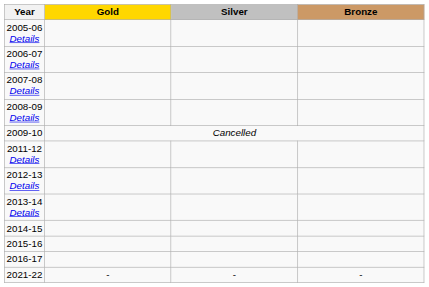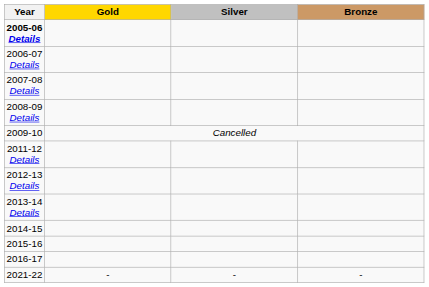 <table class="wikitable">
 <tr>
 <th>Year</th>
 <th scope=col colspan=1 style="width:200px; background: gold;">Gold</th>
 <th scope=col colspan=1 style="width:200px; background: silver;">Silver</th>
 <th scope=col colspan=1 style="width:200px; background: #cc9966;">Bronze</th>
 </tr>
 <tr align=center>
-<td>2005-06 <br><em><a href='#'>Details</a></em></td>
+<td><strong>2005-06 <br><em><a href='#'>Details</a></em></strong></td>
 <td><strong></strong></td>
 <td></td>
 <td></td>
 </tr>
 <tr align=center>
 <td>2006-07 <br><em><a href='#'>Details</a></em></td>
 <td><strong></strong></td>
 <td></td>
 <td></td>
 </tr>
 <tr align=center>
 <td>2007-08 <br><em><a href='#'>Details</a></em></td>
 <td><strong></strong></td>
 <td></td>
 <td></td>
 </tr>
 <tr align=center>
 <td>2008-09 <br><em><a href='#'>Details</a></em></td>
 <td><strong></strong></td>
 <td></td>
 <td></td>
 </tr>
 <tr align=center>
 <td>2009-10</td>
 <td colspan=3><em>Cancelled</em></td>
 </tr>
 <tr align=center>
 <td>2011-12 <br><em><a href='#'>Details</a></em></td>
 <td><strong></strong></td>
 <td></td>
 <td></td>
 </tr>
 <tr align=center>
 <td>2012-13 <br><em><a href='#'>Details</a></em></td>
 <td><strong></strong></td>
 <td></td>
 <td></td>
 </tr>
 <tr align=center>
 <td>2013-14 <br><em><a href='#'>Details</a></em></td>
 <td><strong></strong></td>
 <td></td>
 <td></td>
 </tr>
 <tr align=center>
 <td>2014-15</td>
 <td><strong></strong></td>
 <td></td>
 <td></td>
 </tr>
 <tr align=center>
 <td>2015-16</td>
 <td><strong></strong></td>
 <td></td>
 <td></td>
 </tr>
 <tr align=center>
 <td>2016-17</td>
 <td><strong></strong></td>
 <td></td>
 <td></td>
 </tr>
 <tr align=center>
 <td>2021-22</td>
 <td>-</td>
 <td>-</td>
 <td>-</td>
 </tr>
 </table>
